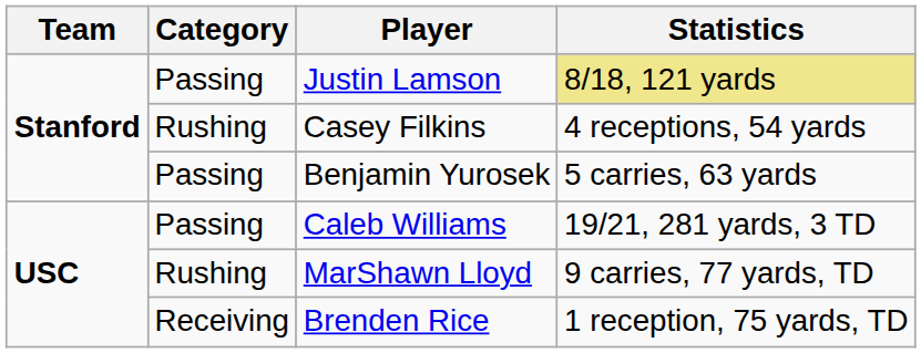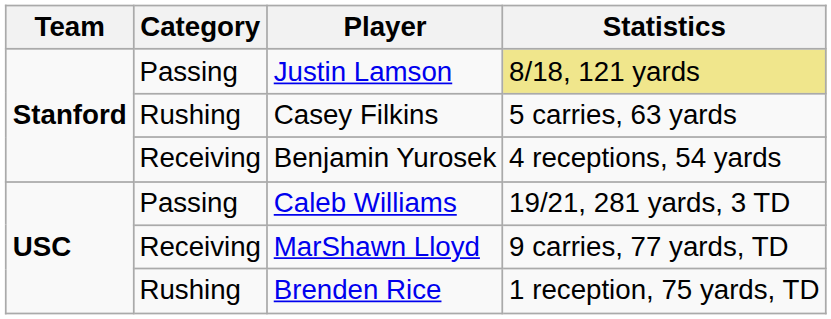 <table class="wikitable" style="float: right;">
 <tr>
 <th>Team</th>
 <th>Category</th>
 <th>Player</th>
 <th>Statistics</th>
 </tr>
 <tr>
 <td rowspan=3><strong>Stanford</strong></td>
 <td>Passing</td>
 <td><a href='#'>Justin Lamson</a></td>
 <td style="background: khaki;">8/18, 121 yards</td>
 </tr>
 <tr>
 <td>Rushing</td>
 <td>Casey Filkins</td>
-<td>4 receptions, 54 yards</td>
+<td>5 carries, 63 yards</td>
 </tr>
 <tr>
-<td>Passing</td>
+<td>Receiving</td>
 <td>Benjamin Yurosek</td>
-<td>5 carries, 63 yards</td>
+<td>4 receptions, 54 yards</td>
 </tr>
 <tr>
 <td rowspan=3><strong>USC</strong></td>
 <td>Passing</td>
 <td><a href='#'>Caleb Williams</a></td>
 <td>19/21, 281 yards, 3 TD</td>
 </tr>
 <tr>
-<td>Rushing</td>
+<td>Receiving</td>
 <td><a href='#'>MarShawn Lloyd</a></td>
 <td>9 carries, 77 yards, TD</td>
 </tr>
 <tr>
-<td>Receiving</td>
+<td>Rushing</td>
 <td><a href='#'>Brenden Rice</a></td>
 <td>1 reception, 75 yards, TD</td>
 </tr>
 </table>
